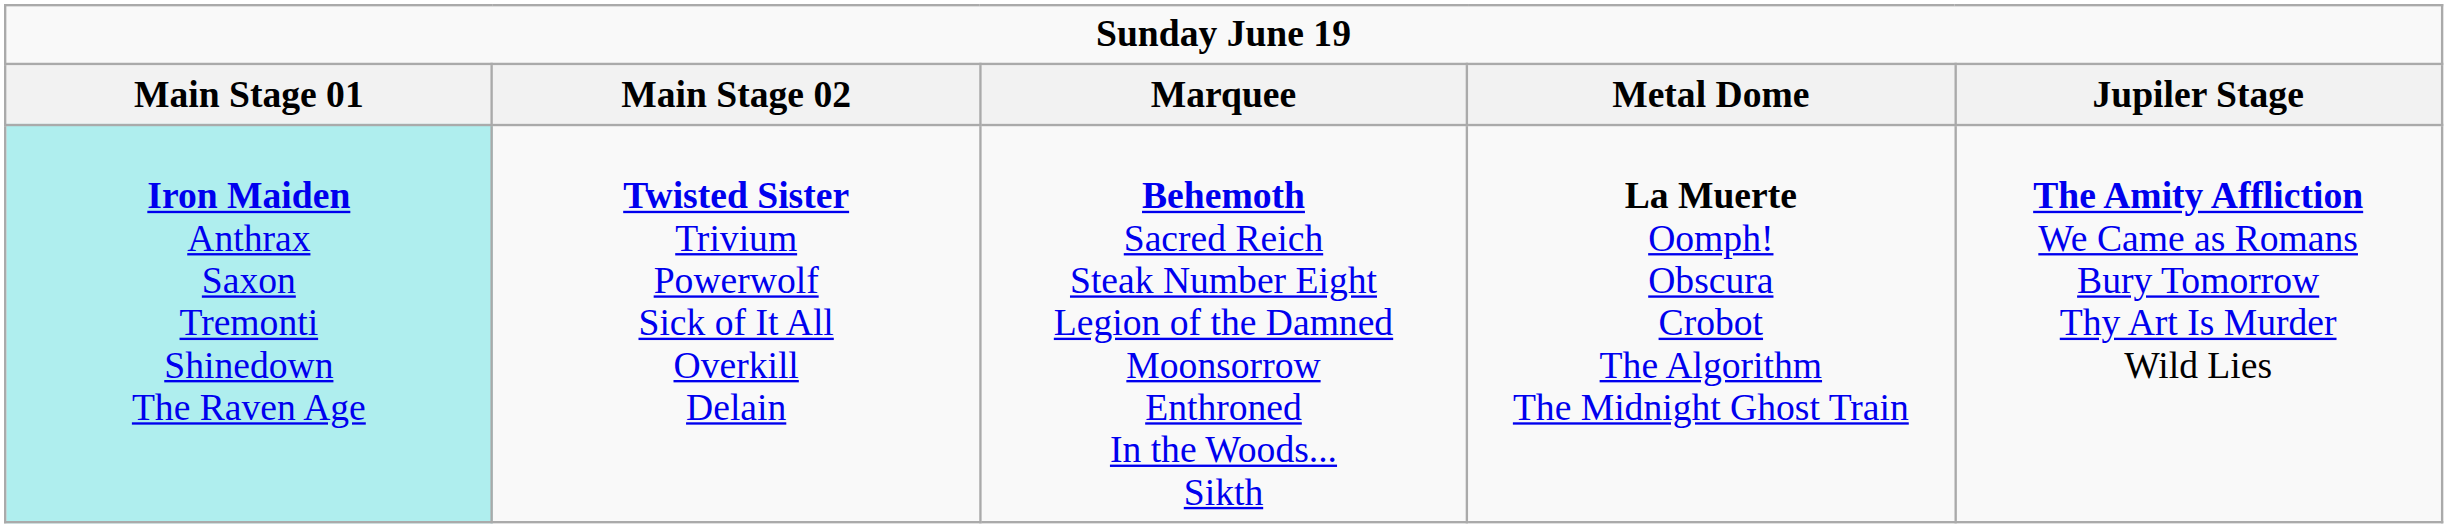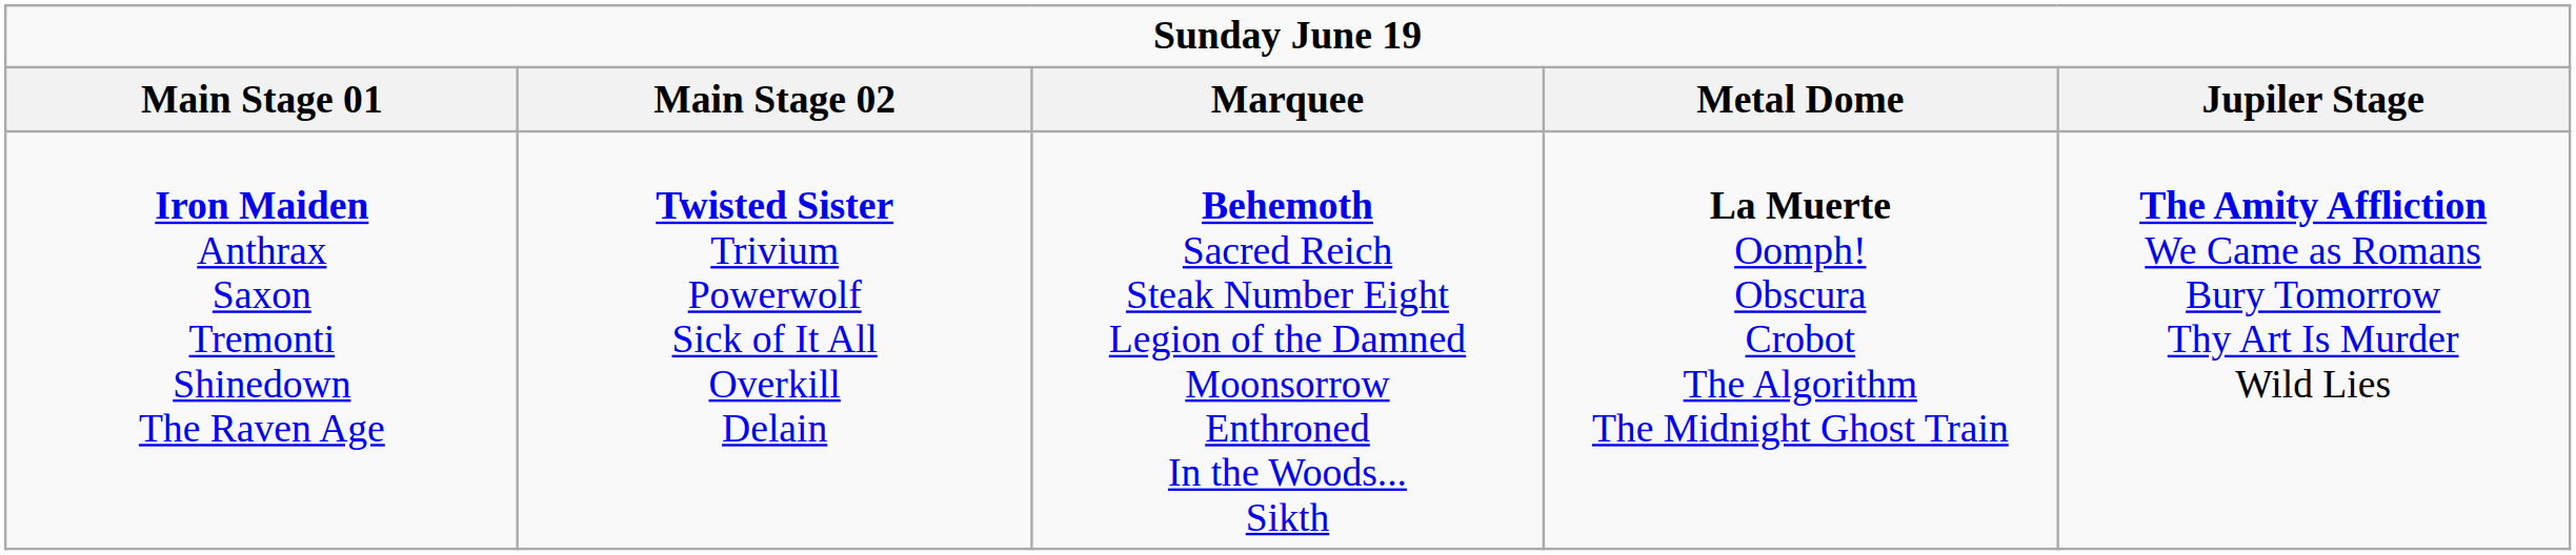 <table class="wikitable">
 <tr>
 <td colspan="5" style="text-align:center;"><strong>Sunday June 19</strong></td>
 </tr>
 <tr>
 <th>Main Stage 01</th>
 <th>Main Stage 02</th>
 <th>Marquee</th>
 <th>Metal Dome</th>
 <th>Jupiler Stage</th>
 </tr>
 <tr>
-<td style="background: paleturquoise; text-align:center; vertical-align:top; width:200px;"><br><strong><a href='#'>Iron Maiden</a></strong> <br> <a href='#'>Anthrax</a> <br> <a href='#'>Saxon</a> <br> <a href='#'>Tremonti</a> <br> <a href='#'>Shinedown</a> <br> <a href='#'>The Raven Age</a></td>
+<td style="text-align:center; vertical-align:top; width:200px;"><br><strong><a href='#'>Iron Maiden</a></strong> <br> <a href='#'>Anthrax</a> <br> <a href='#'>Saxon</a> <br> <a href='#'>Tremonti</a> <br> <a href='#'>Shinedown</a> <br> <a href='#'>The Raven Age</a></td>
 <td style="text-align:center; vertical-align:top; width:200px;"><br><strong><a href='#'>Twisted Sister</a></strong> <br> <a href='#'>Trivium</a> <br> <a href='#'>Powerwolf</a> <br> <a href='#'>Sick of It All</a> <br> <a href='#'>Overkill</a> <br> <a href='#'>Delain</a></td>
 <td style="text-align:center; vertical-align:top; width:200px;"><br><strong><a href='#'>Behemoth</a></strong><br> <a href='#'>Sacred Reich</a> <br> <a href='#'>Steak Number Eight</a> <br> <a href='#'>Legion of the Damned</a> <br> <a href='#'>Moonsorrow</a> <br> <a href='#'>Enthroned</a> <br> <a href='#'>In the Woods...</a> <br> <a href='#'>Sikth</a></td>
 <td style="text-align:center; vertical-align:top; width:200px;"><br><strong>La Muerte</strong> <br> <a href='#'>Oomph!</a> <br> <a href='#'>Obscura</a> <br> <a href='#'>Crobot</a> <br> <a href='#'>The Algorithm</a> <br> <a href='#'>The Midnight Ghost Train</a></td>
 <td style="text-align:center; vertical-align:top; width:200px;"><br><strong><a href='#'>The Amity Affliction</a></strong> <br> <a href='#'>We Came as Romans</a> <br> <a href='#'>Bury Tomorrow</a> <br> <a href='#'>Thy Art Is Murder</a> <br> Wild Lies</td>
 </tr>
 </table>
